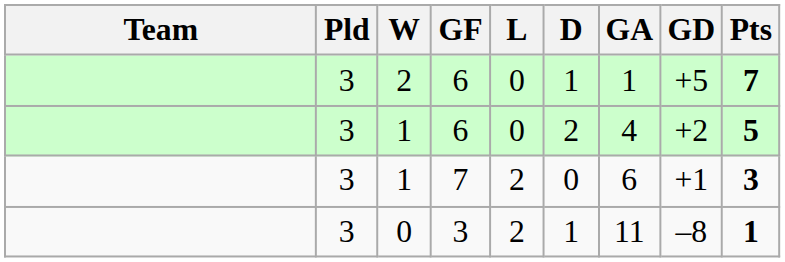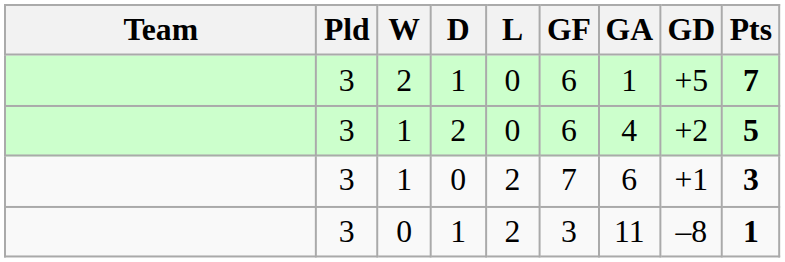 <table class="wikitable" style="text-align:center">
 <tr>
 <th width=150>Team</th>
 <th width=20>Pld</th>
 <th width=20>W</th>
+<th width=20>D</th>
+<th width=20>L</th>
 <th width=20>GF</th>
-<th width=20>L</th>
-<th width=20>D</th>
 <th width=20>GA</th>
 <th width=20>GD</th>
 <th width=20>Pts</th>
 </tr>
 <tr bgcolor="#ccffcc">
 <td align="left"></td>
 <td>3</td>
 <td>2</td>
+<td>1</td>
+<td>0</td>
 <td>6</td>
-<td>0</td>
-<td>1</td>
 <td>1</td>
 <td>+5</td>
 <td><strong>7</strong></td>
 </tr>
 <tr bgcolor="#ccffcc">
 <td align="left"></td>
 <td>3</td>
 <td>1</td>
+<td>2</td>
+<td>0</td>
 <td>6</td>
-<td>0</td>
-<td>2</td>
 <td>4</td>
 <td>+2</td>
 <td><strong>5</strong></td>
 </tr>
 <tr>
 <td align="left"></td>
 <td>3</td>
 <td>1</td>
+<td>0</td>
+<td>2</td>
 <td>7</td>
-<td>2</td>
-<td>0</td>
 <td>6</td>
 <td>+1</td>
 <td><strong>3</strong></td>
 </tr>
 <tr>
 <td align="left"></td>
 <td>3</td>
 <td>0</td>
+<td>1</td>
+<td>2</td>
 <td>3</td>
-<td>2</td>
-<td>1</td>
 <td>11</td>
 <td>–8</td>
 <td><strong>1</strong></td>
 </tr>
 </table>
